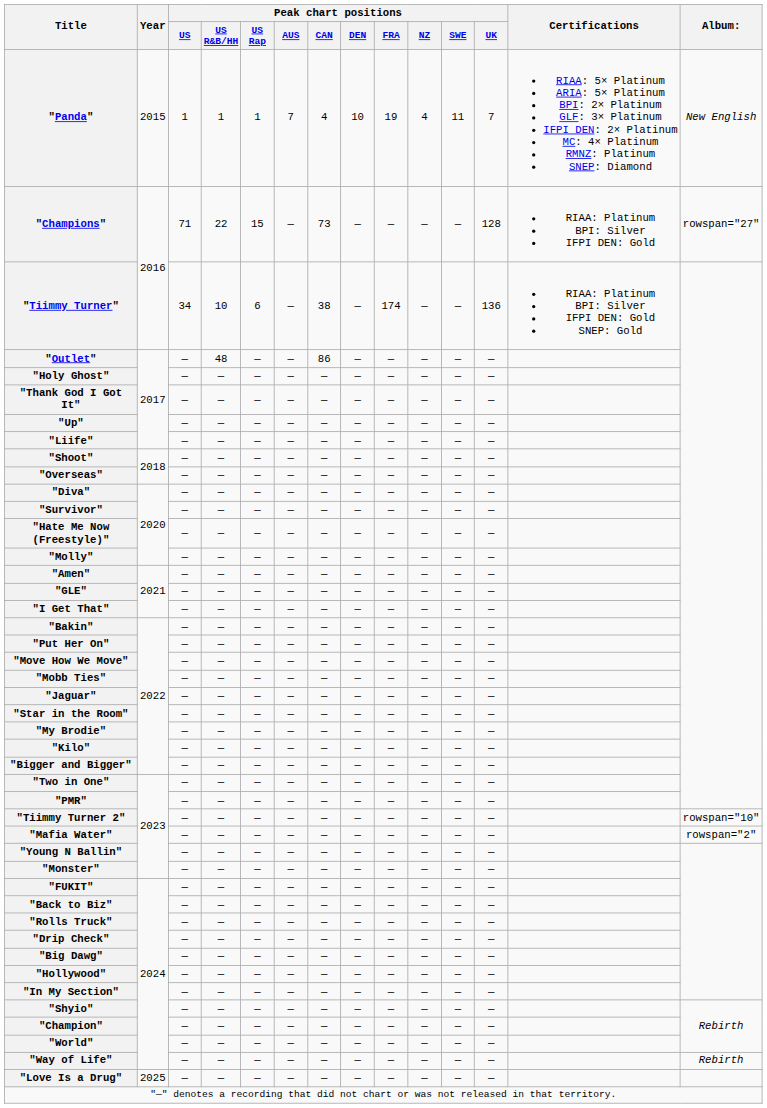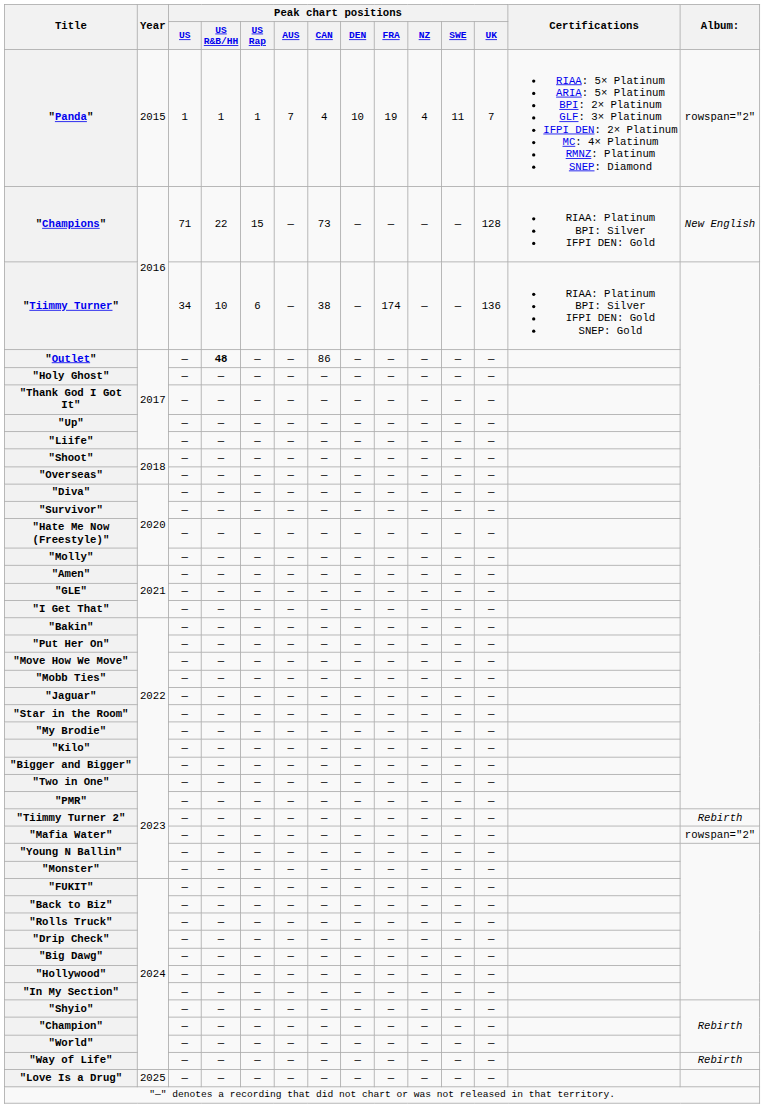 <table class="wikitable plainrowheaders" style="text-align:center;">
 <tr>
 <th scope="col" rowspan="2" style="width:12em;">Title</th>
 <th scope="col" rowspan="2" style="width:1em;">Year</th>
 <th scope="col" colspan="10">Peak chart positions </th>
 <th scope="col" rowspan="2">Certifications</th>
 <th scope="col" rowspan="2" style="width: 7em;">Album:</th>
 </tr>
 <tr>
 <th scope="col" style="width:3em;font-size:90%;"><a href='#'>US</a><br></th>
 <th scope="col" style="width:3em;font-size:90%;"><a href='#'>US<br>R&B/HH</a><br></th>
 <th scope="col" style="width:3em;font-size:90%;"><a href='#'>US<br>Rap</a><br></th>
 <th scope="col" style="width:3em;font-size:90%;"><a href='#'>AUS</a><br></th>
 <th scope="col" style="width:3em;font-size:90%;"><a href='#'>CAN</a><br></th>
 <th scope="col" style="width:3em;font-size:90%;"><a href='#'>DEN</a><br></th>
 <th scope="col" style="width:3em;font-size:90%;"><a href='#'>FRA</a><br></th>
 <th scope="col" style="width:3em;font-size:90%;"><a href='#'>NZ</a><br></th>
 <th scope="col" style="width:3em;font-size:90%;"><a href='#'>SWE</a><br></th>
 <th scope="col" style="width:3em;font-size:90%;"><a href='#'>UK</a><br></th>
 </tr>
 <tr>
 <th scope="row">"<a href='#'>Panda</a>"</th>
 <td>2015</td>
 <td>1</td>
 <td>1</td>
 <td>1</td>
 <td>7</td>
 <td>4</td>
 <td>10</td>
 <td>19</td>
 <td>4</td>
 <td>11</td>
 <td>7</td>
 <td><br><ul><li><a href='#'>RIAA</a>: 5× Platinum</li><li><a href='#'>ARIA</a>: 5× Platinum</li><li><a href='#'>BPI</a>: 2× Platinum</li><li><a href='#'>GLF</a>: 3× Platinum</li><li><a href='#'>IFPI DEN</a>: 2× Platinum</li><li><a href='#'>MC</a>: 4× Platinum</li><li><a href='#'>RMNZ</a>: Platinum</li><li><a href='#'>SNEP</a>: Diamond</li></ul></td>
-<td><em>New English</em></td>
+<td>rowspan="2" </td>
 </tr>
 <tr>
 <th scope="row">"<a href='#'>Champions</a>"<br></th>
 <td rowspan="2">2016</td>
 <td>71</td>
 <td>22</td>
 <td>15</td>
 <td>—</td>
 <td>73</td>
 <td>—</td>
 <td>—</td>
 <td>—</td>
 <td>—</td>
 <td>128</td>
 <td><br><ul><li>RIAA: Platinum</li><li>BPI: Silver</li><li>IFPI DEN: Gold</li></ul></td>
-<td>rowspan="27" </td>
+<td><em>New English</em></td>
 </tr>
 <tr>
 <th scope="row">"<a href='#'>Tiimmy Turner</a>"</th>
 <td>34</td>
 <td>10</td>
 <td>6</td>
 <td>—</td>
 <td>38</td>
 <td>—</td>
 <td>174</td>
 <td>—</td>
 <td>—</td>
 <td>136</td>
 <td><br><ul><li>RIAA: Platinum</li><li>BPI: Silver</li><li>IFPI DEN: Gold</li><li>SNEP: Gold</li></ul></td>
 </tr>
 <tr>
 <th scope="row">"<a href='#'>Outlet</a>"</th>
 <td rowspan="5">2017</td>
 <td>—</td>
-<td>48</td>
+<td><strong>48</strong></td>
 <td>—</td>
 <td>—</td>
 <td>86</td>
 <td>—</td>
 <td>—</td>
 <td>—</td>
 <td>—</td>
 <td>—</td>
 <td></td>
 </tr>
 <tr>
 <th scope="row">"Holy Ghost"</th>
 <td>—</td>
 <td>—</td>
 <td>—</td>
 <td>—</td>
 <td>—</td>
 <td>—</td>
 <td>—</td>
 <td>—</td>
 <td>—</td>
 <td>—</td>
 <td></td>
 </tr>
 <tr>
 <th scope="row">"Thank God I Got It"<br></th>
 <td>—</td>
 <td>—</td>
 <td>—</td>
 <td>—</td>
 <td>—</td>
 <td>—</td>
 <td>—</td>
 <td>—</td>
 <td>—</td>
 <td>—</td>
 <td></td>
 </tr>
 <tr>
 <th scope="row">"Up"</th>
 <td>—</td>
 <td>—</td>
 <td>—</td>
 <td>—</td>
 <td>—</td>
 <td>—</td>
 <td>—</td>
 <td>—</td>
 <td>—</td>
 <td>—</td>
 <td></td>
 </tr>
 <tr>
 <th scope="row">"Liife"<br></th>
 <td>—</td>
 <td>—</td>
 <td>—</td>
 <td>—</td>
 <td>—</td>
 <td>—</td>
 <td>—</td>
 <td>—</td>
 <td>—</td>
 <td>—</td>
 <td></td>
 </tr>
 <tr>
 <th scope="row">"Shoot"</th>
 <td rowspan="2">2018</td>
 <td>—</td>
 <td>—</td>
 <td>—</td>
 <td>—</td>
 <td>—</td>
 <td>—</td>
 <td>—</td>
 <td>—</td>
 <td>—</td>
 <td>—</td>
 <td></td>
 </tr>
 <tr>
 <th scope="row">"Overseas"<br></th>
 <td>—</td>
 <td>—</td>
 <td>—</td>
 <td>—</td>
 <td>—</td>
 <td>—</td>
 <td>—</td>
 <td>—</td>
 <td>—</td>
 <td>—</td>
 <td></td>
 </tr>
 <tr>
 <th scope="row">"Diva"</th>
 <td rowspan="4">2020</td>
 <td>—</td>
 <td>—</td>
 <td>—</td>
 <td>—</td>
 <td>—</td>
 <td>—</td>
 <td>—</td>
 <td>—</td>
 <td>—</td>
 <td>—</td>
 <td></td>
 </tr>
 <tr>
 <th scope="row">"Survivor"</th>
 <td>—</td>
 <td>—</td>
 <td>—</td>
 <td>—</td>
 <td>—</td>
 <td>—</td>
 <td>—</td>
 <td>—</td>
 <td>—</td>
 <td>—</td>
 <td></td>
 </tr>
 <tr>
 <th scope="row">"Hate Me Now (Freestyle)"</th>
 <td>—</td>
 <td>—</td>
 <td>—</td>
 <td>—</td>
 <td>—</td>
 <td>—</td>
 <td>—</td>
 <td>—</td>
 <td>—</td>
 <td>—</td>
 <td></td>
 </tr>
 <tr>
 <th scope="row">"Molly"</th>
 <td>—</td>
 <td>—</td>
 <td>—</td>
 <td>—</td>
 <td>—</td>
 <td>—</td>
 <td>—</td>
 <td>—</td>
 <td>—</td>
 <td>—</td>
 <td></td>
 </tr>
 <tr>
 <th scope="row">"Amen"</th>
 <td rowspan="3">2021</td>
 <td>—</td>
 <td>—</td>
 <td>—</td>
 <td>—</td>
 <td>—</td>
 <td>—</td>
 <td>—</td>
 <td>—</td>
 <td>—</td>
 <td>—</td>
 <td></td>
 </tr>
 <tr>
 <th scope="row">"GLE"</th>
 <td>—</td>
 <td>—</td>
 <td>—</td>
 <td>—</td>
 <td>—</td>
 <td>—</td>
 <td>—</td>
 <td>—</td>
 <td>—</td>
 <td>—</td>
 <td></td>
 </tr>
 <tr>
 <th scope="row">"I Get That"</th>
 <td>—</td>
 <td>—</td>
 <td>—</td>
 <td>—</td>
 <td>—</td>
 <td>—</td>
 <td>—</td>
 <td>—</td>
 <td>—</td>
 <td>—</td>
 <td></td>
 </tr>
 <tr>
 <th scope="row">"Bakin"<br></th>
 <td rowspan="9">2022</td>
 <td>—</td>
 <td>—</td>
 <td>—</td>
 <td>—</td>
 <td>—</td>
 <td>—</td>
 <td>—</td>
 <td>—</td>
 <td>—</td>
 <td>—</td>
 <td></td>
 </tr>
 <tr>
 <th scope="row">"Put Her On"<br></th>
 <td>—</td>
 <td>—</td>
 <td>—</td>
 <td>—</td>
 <td>—</td>
 <td>—</td>
 <td>—</td>
 <td>—</td>
 <td>—</td>
 <td>—</td>
 <td></td>
 </tr>
 <tr>
 <th scope="row">"Move How We Move"</th>
 <td>—</td>
 <td>—</td>
 <td>—</td>
 <td>—</td>
 <td>—</td>
 <td>—</td>
 <td>—</td>
 <td>—</td>
 <td>—</td>
 <td>—</td>
 <td></td>
 </tr>
 <tr>
 <th scope="row">"Mobb Ties"<br></th>
 <td>—</td>
 <td>—</td>
 <td>—</td>
 <td>—</td>
 <td>—</td>
 <td>—</td>
 <td>—</td>
 <td>—</td>
 <td>—</td>
 <td>—</td>
 <td></td>
 </tr>
 <tr>
 <th scope="row">"Jaguar"</th>
 <td>—</td>
 <td>—</td>
 <td>—</td>
 <td>—</td>
 <td>—</td>
 <td>—</td>
 <td>—</td>
 <td>—</td>
 <td>—</td>
 <td>—</td>
 <td></td>
 </tr>
 <tr>
 <th scope="row">"Star in the Room"</th>
 <td>—</td>
 <td>—</td>
 <td>—</td>
 <td>—</td>
 <td>—</td>
 <td>—</td>
 <td>—</td>
 <td>—</td>
 <td>—</td>
 <td>—</td>
 <td></td>
 </tr>
 <tr>
 <th scope="row">"My Brodie"</th>
 <td>—</td>
 <td>—</td>
 <td>—</td>
 <td>—</td>
 <td>—</td>
 <td>—</td>
 <td>—</td>
 <td>—</td>
 <td>—</td>
 <td>—</td>
 <td></td>
 </tr>
 <tr>
 <th scope="row">"Kilo"<br></th>
 <td>—</td>
 <td>—</td>
 <td>—</td>
 <td>—</td>
 <td>—</td>
 <td>—</td>
 <td>—</td>
 <td>—</td>
 <td>—</td>
 <td>—</td>
 <td></td>
 </tr>
 <tr>
 <th scope="row">"Bigger and Bigger"</th>
 <td>—</td>
 <td>—</td>
 <td>—</td>
 <td>—</td>
 <td>—</td>
 <td>—</td>
 <td>—</td>
 <td>—</td>
 <td>—</td>
 <td>—</td>
 <td></td>
 </tr>
 <tr>
 <th scope="row">"Two in One"</th>
 <td rowspan="6">2023</td>
 <td>—</td>
 <td>—</td>
 <td>—</td>
 <td>—</td>
 <td>—</td>
 <td>—</td>
 <td>—</td>
 <td>—</td>
 <td>—</td>
 <td>—</td>
 <td></td>
 </tr>
 <tr>
 <th scope="row">"PMR"<br></th>
 <td>—</td>
 <td>—</td>
 <td>—</td>
 <td>—</td>
 <td>—</td>
 <td>—</td>
 <td>—</td>
 <td>—</td>
 <td>—</td>
 <td>—</td>
 <td></td>
 </tr>
 <tr>
 <th scope="row">"Tiimmy Turner 2"</th>
 <td>—</td>
 <td>—</td>
 <td>—</td>
 <td>—</td>
 <td>—</td>
 <td>—</td>
 <td>—</td>
 <td>—</td>
 <td>—</td>
 <td>—</td>
 <td></td>
-<td>rowspan="10" </td>
+<td><em>Rebirth</em></td>
 </tr>
 <tr>
 <th scope="row">"Mafia Water"</th>
 <td>—</td>
 <td>—</td>
 <td>—</td>
 <td>—</td>
 <td>—</td>
 <td>—</td>
 <td>—</td>
 <td>—</td>
 <td>—</td>
 <td>—</td>
 <td></td>
 <td>rowspan="2" </td>
 </tr>
 <tr>
 <th scope="row">"Young N Ballin"</th>
 <td>—</td>
 <td>—</td>
 <td>—</td>
 <td>—</td>
 <td>—</td>
 <td>—</td>
 <td>—</td>
 <td>—</td>
 <td>—</td>
 <td>—</td>
 <td></td>
 </tr>
 <tr>
 <th scope="row">"Monster"</th>
 <td>—</td>
 <td>—</td>
 <td>—</td>
 <td>—</td>
 <td>—</td>
 <td>—</td>
 <td>—</td>
 <td>—</td>
 <td>—</td>
 <td>—</td>
 <td></td>
 </tr>
 <tr>
 <th scope="row">"FUKIT"</th>
 <td rowspan="11">2024</td>
 <td>—</td>
 <td>—</td>
 <td>—</td>
 <td>—</td>
 <td>—</td>
 <td>—</td>
 <td>—</td>
 <td>—</td>
 <td>—</td>
 <td>—</td>
 <td></td>
 </tr>
 <tr>
 <th scope="row">"Back to Biz"</th>
 <td>—</td>
 <td>—</td>
 <td>—</td>
 <td>—</td>
 <td>—</td>
 <td>—</td>
 <td>—</td>
 <td>—</td>
 <td>—</td>
 <td>—</td>
 <td></td>
 </tr>
 <tr>
 <th scope="row">"Rolls Truck"</th>
 <td>—</td>
 <td>—</td>
 <td>—</td>
 <td>—</td>
 <td>—</td>
 <td>—</td>
 <td>—</td>
 <td>—</td>
 <td>—</td>
 <td>—</td>
 <td></td>
 </tr>
 <tr>
 <th scope="row">"Drip Check"</th>
 <td>—</td>
 <td>—</td>
 <td>—</td>
 <td>—</td>
 <td>—</td>
 <td>—</td>
 <td>—</td>
 <td>—</td>
 <td>—</td>
 <td>—</td>
 <td></td>
 </tr>
 <tr>
 <th scope="row">"Big Dawg"</th>
 <td>—</td>
 <td>—</td>
 <td>—</td>
 <td>—</td>
 <td>—</td>
 <td>—</td>
 <td>—</td>
 <td>—</td>
 <td>—</td>
 <td>—</td>
 <td></td>
 </tr>
 <tr>
 <th scope="row">"Hollywood"<br></th>
 <td>—</td>
 <td>—</td>
 <td>—</td>
 <td>—</td>
 <td>—</td>
 <td>—</td>
 <td>—</td>
 <td>—</td>
 <td>—</td>
 <td>—</td>
 <td></td>
 </tr>
 <tr>
 <th scope="row">"In My Section"</th>
 <td>—</td>
 <td>—</td>
 <td>—</td>
 <td>—</td>
 <td>—</td>
 <td>—</td>
 <td>—</td>
 <td>—</td>
 <td>—</td>
 <td>—</td>
 <td></td>
 </tr>
 <tr>
 <th scope="row">"Shyio"</th>
 <td>—</td>
 <td>—</td>
 <td>—</td>
 <td>—</td>
 <td>—</td>
 <td>—</td>
 <td>—</td>
 <td>—</td>
 <td>—</td>
 <td>—</td>
 <td></td>
 <td rowspan="3"><em>Rebirth</em></td>
 </tr>
 <tr>
 <th scope="row">"Champion"</th>
 <td>—</td>
 <td>—</td>
 <td>—</td>
 <td>—</td>
 <td>—</td>
 <td>—</td>
 <td>—</td>
 <td>—</td>
 <td>—</td>
 <td>—</td>
 <td></td>
 </tr>
 <tr>
 <th scope="row">"World"</th>
 <td>—</td>
 <td>—</td>
 <td>—</td>
 <td>—</td>
 <td>—</td>
 <td>—</td>
 <td>—</td>
 <td>—</td>
 <td>—</td>
 <td>—</td>
 <td></td>
 </tr>
 <tr>
 <th scope="row">"Way of Life"</th>
 <td>—</td>
 <td>—</td>
 <td>—</td>
 <td>—</td>
 <td>—</td>
 <td>—</td>
 <td>—</td>
 <td>—</td>
 <td>—</td>
 <td>—</td>
 <td></td>
 <td><em>Rebirth</em></td>
 </tr>
 <tr>
 <th scope="row">"Love Is a Drug"</th>
 <td>2025</td>
 <td>—</td>
 <td>—</td>
 <td>—</td>
 <td>—</td>
 <td>—</td>
 <td>—</td>
 <td>—</td>
 <td>—</td>
 <td>—</td>
 <td>—</td>
 <td></td>
 </tr>
 <tr>
 <td colspan="14" style="font-size:90%">"—" denotes a recording that did not chart or was not released in that territory.</td>
 </tr>
 </table>
